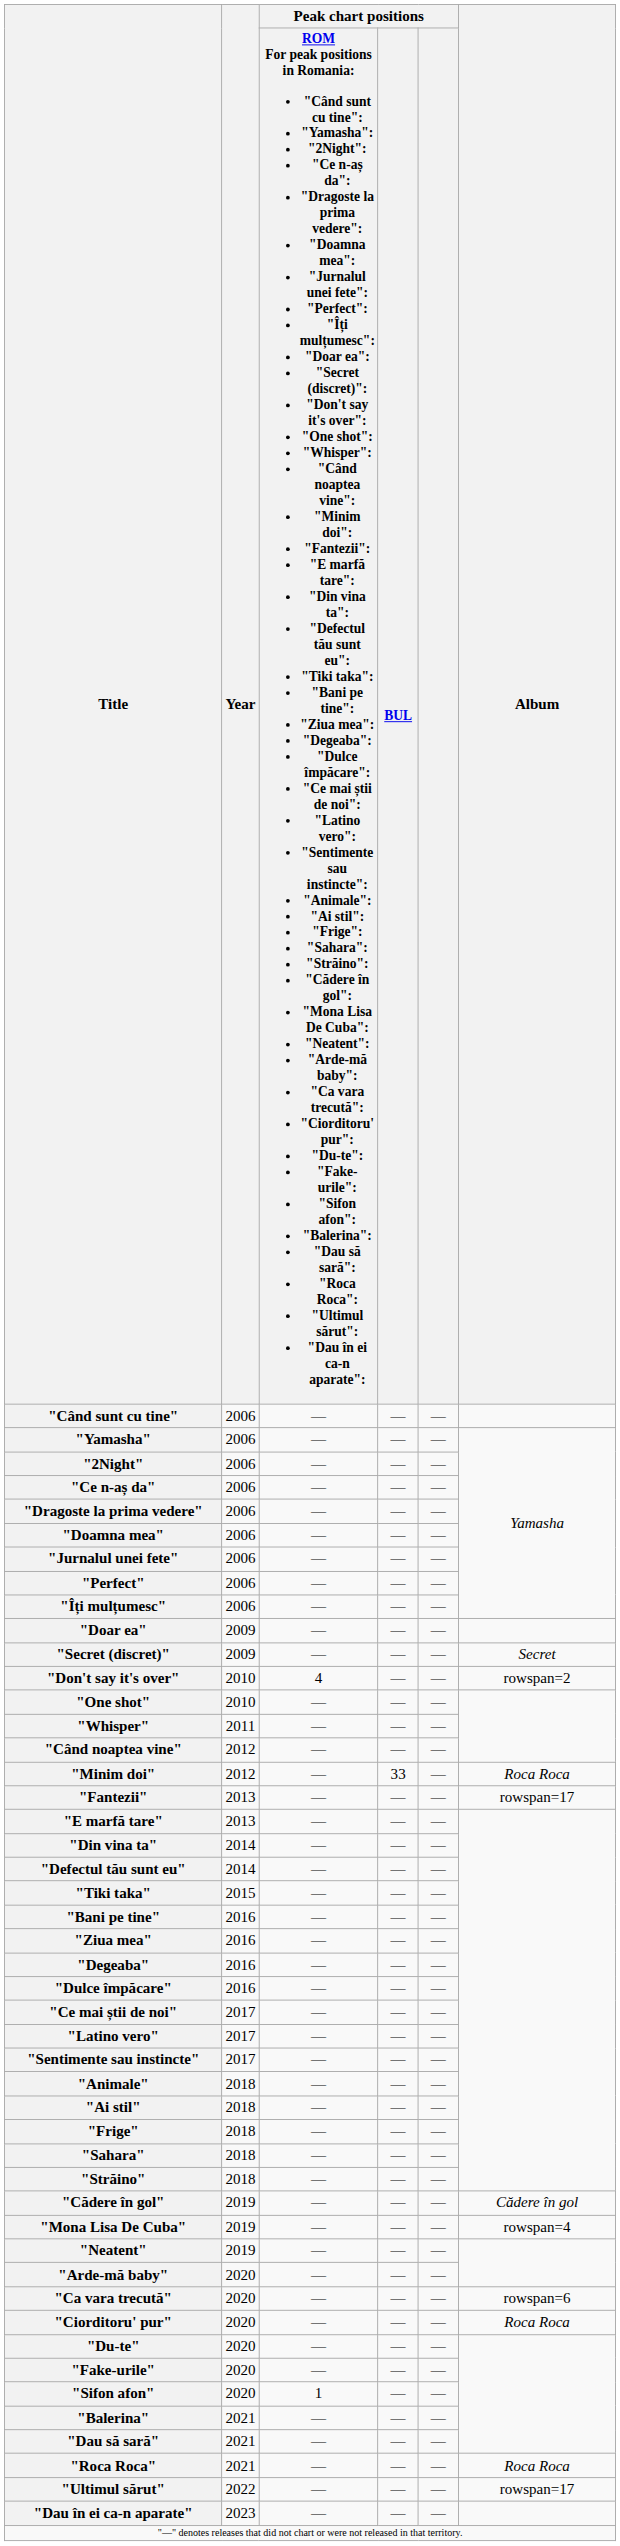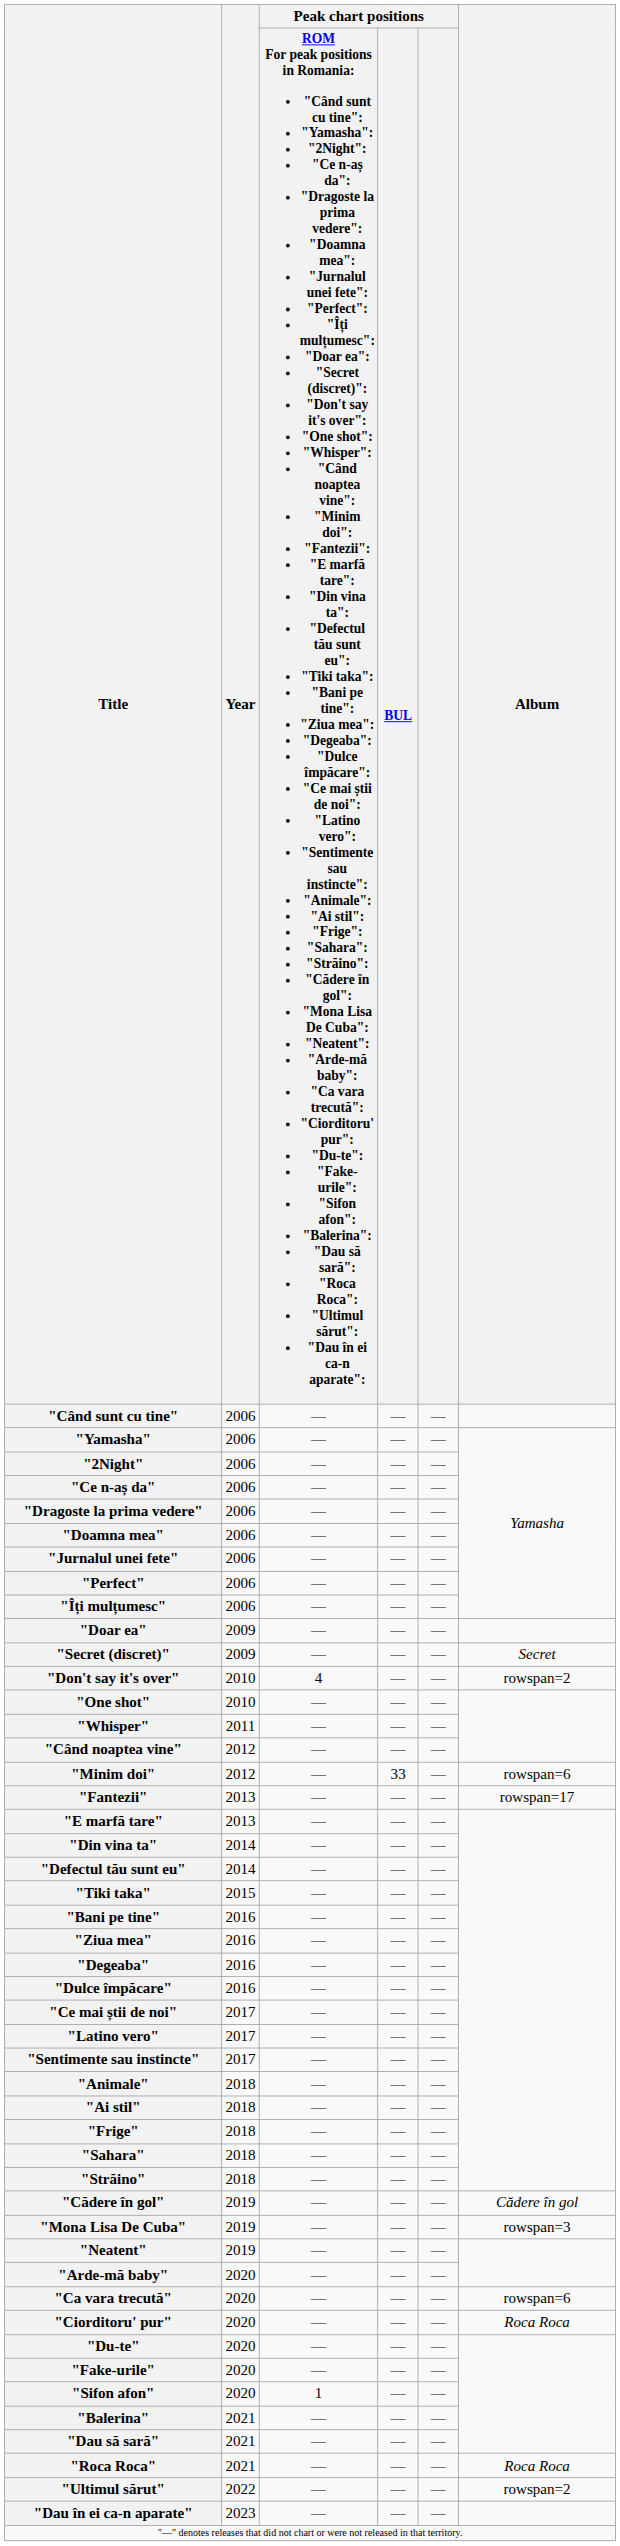 <table class="wikitable plainrowheaders" style="text-align:center;">
 <tr>
 <th scope="col" rowspan="2" style="width:14em;">Title</th>
 <th scope="col" rowspan="2">Year</th>
 <th scope="col" colspan="3">Peak chart positions</th>
 <th scope="col" rowspan="2" style="width:10em;">Album</th>
 </tr>
 <tr>
 <th scope="col" style="width:2.5em;font-size:90%;"><a href='#'>ROM</a><br>For peak positions in Romania:<br><ul><li>"Când sunt cu tine": </li><li>"Yamasha":</li><li>"2Night":</li><li>"Ce n-aș da":</li><li>"Dragoste la prima vedere":</li><li>"Doamna mea":</li><li>"Jurnalul unei fete":</li><li>"Perfect":</li><li>"Îți mulțumesc":</li><li>"Doar ea":</li><li>"Secret (discret)": </li><li>"Don't say it's over":</li><li>"One shot":</li><li>"Whisper":</li><li>"Când noaptea vine":</li><li>"Minim doi":</li><li>"Fantezii":</li><li>"E marfă tare":</li><li>"Din vina ta":</li><li>"Defectul tău sunt eu":</li><li>"Tiki taka":</li><li>"Bani pe tine":</li><li>"Ziua mea":</li><li>"Degeaba":</li><li>"Dulce împăcare":</li><li>"Ce mai știi de noi":</li><li>"Latino vero":</li><li>"Sentimente sau instincte":</li><li>"Animale":</li><li>"Ai stil":</li><li>"Frige":</li><li>"Sahara":</li><li>"Străino":</li><li>"Cădere în gol":</li><li>"Mona Lisa De Cuba":</li><li>"Neatent":</li><li>"Arde-mă baby":</li><li>"Ca vara trecută":</li><li>"Ciorditoru' pur":</li><li>"Du-te":</li><li>"Fake-urile":</li><li>"Sifon afon": </li><li>"Balerina":</li><li>"Dau să sară":</li><li>"Roca Roca":</li><li>"Ultimul sărut":</li><li>"Dau în ei ca-n aparate":</li></ul></th>
 <th scope="col" style="width:2.5em;font-size:90%;"><a href='#'>BUL</a><br></th>
 <th scope="col" style="width:2.5em;font-size:90%;"><a href='#'></a></th>
 </tr>
 <tr>
 <th scope="row">"Când sunt cu tine"<br></th>
 <td>2006</td>
 <td>—</td>
 <td>—</td>
 <td>—</td>
 <td></td>
 </tr>
 <tr>
 <th scope="row">"Yamasha"</th>
 <td>2006</td>
 <td>—</td>
 <td>—</td>
 <td>—</td>
 <td rowspan=8><em>Yamasha</em></td>
 </tr>
 <tr>
 <th scope="row">"2Night"</th>
 <td>2006</td>
 <td>—</td>
 <td>—</td>
 <td>—</td>
 </tr>
 <tr>
 <th scope="row">"Ce n-aș da"</th>
 <td>2006</td>
 <td>—</td>
 <td>—</td>
 <td>—</td>
 </tr>
 <tr>
 <th scope="row">"Dragoste la prima vedere"<br></th>
 <td>2006</td>
 <td>—</td>
 <td>—</td>
 <td>—</td>
 </tr>
 <tr>
 <th scope="row">"Doamna mea"</th>
 <td>2006</td>
 <td>—</td>
 <td>—</td>
 <td>—</td>
 </tr>
 <tr>
 <th scope="row">"Jurnalul unei fete"</th>
 <td>2006</td>
 <td>—</td>
 <td>—</td>
 <td>—</td>
 </tr>
 <tr>
 <th scope="row">"Perfect"</th>
 <td>2006</td>
 <td>—</td>
 <td>—</td>
 <td>—</td>
 </tr>
 <tr>
 <th scope="row">"Îți mulțumesc"</th>
 <td>2006</td>
 <td>—</td>
 <td>—</td>
 <td>—</td>
 </tr>
 <tr>
 <th scope="row">"Doar ea"</th>
 <td>2009</td>
 <td>—</td>
 <td>—</td>
 <td>—</td>
 <td></td>
 </tr>
 <tr>
 <th scope="row">"Secret (discret)"<br></th>
 <td>2009</td>
 <td>—</td>
 <td>—</td>
 <td>—</td>
 <td><em>Secret</em></td>
 </tr>
 <tr>
 <th scope="row">"Don't say it's over"</th>
 <td>2010</td>
 <td>4</td>
 <td>—</td>
 <td>—</td>
 <td>rowspan=2 </td>
 </tr>
 <tr>
 <th scope="row">"One shot"</th>
 <td>2010</td>
 <td>—</td>
 <td>—</td>
 <td>—</td>
 </tr>
 <tr>
 <th scope="row">"Whisper"</th>
 <td>2011</td>
 <td>—</td>
 <td>—</td>
 <td>—</td>
 </tr>
 <tr>
 <th scope="row">"Când noaptea vine"</th>
 <td>2012</td>
 <td>—</td>
 <td>—</td>
 <td>—</td>
 </tr>
 <tr>
 <th scope="row">"Minim doi"</th>
 <td>2012</td>
 <td>—</td>
 <td>33</td>
 <td>—</td>
-<td><em>Roca Roca</em></td>
+<td>rowspan=6 </td>
 </tr>
 <tr>
 <th scope="row">"Fantezii"<br></th>
 <td>2013</td>
 <td>—</td>
 <td>—</td>
 <td>—</td>
 <td>rowspan=17 </td>
 </tr>
 <tr>
 <th scope="row">"E marfă tare"</th>
 <td>2013</td>
 <td>—</td>
 <td>—</td>
 <td>—</td>
 </tr>
 <tr>
 <th scope="row">"Din vina ta"</th>
 <td>2014</td>
 <td>—</td>
 <td>—</td>
 <td>—</td>
 </tr>
 <tr>
 <th scope="row">"Defectul tău sunt eu"</th>
 <td>2014</td>
 <td>—</td>
 <td>—</td>
 <td>—</td>
 </tr>
 <tr>
 <th scope="row">"Tiki taka"</th>
 <td>2015</td>
 <td>—</td>
 <td>—</td>
 <td>—</td>
 </tr>
 <tr>
 <th scope="row">"Bani pe tine"<br></th>
 <td>2016</td>
 <td>—</td>
 <td>—</td>
 <td>—</td>
 </tr>
 <tr>
 <th scope="row">"Ziua mea"</th>
 <td>2016</td>
 <td>—</td>
 <td>—</td>
 <td>—</td>
 </tr>
 <tr>
 <th scope="row">"Degeaba"</th>
 <td>2016</td>
 <td>—</td>
 <td>—</td>
 <td>—</td>
 </tr>
 <tr>
 <th scope="row">"Dulce împăcare"</th>
 <td>2016</td>
 <td>—</td>
 <td>—</td>
 <td>—</td>
 </tr>
 <tr>
 <th scope="row">"Ce mai știi de noi"</th>
 <td>2017</td>
 <td>—</td>
 <td>—</td>
 <td>—</td>
 </tr>
 <tr>
 <th scope="row">"Latino vero"</th>
 <td>2017</td>
 <td>—</td>
 <td>—</td>
 <td>—</td>
 </tr>
 <tr>
 <th scope="row">"Sentimente sau instincte"</th>
 <td>2017</td>
 <td>—</td>
 <td>—</td>
 <td>—</td>
 </tr>
 <tr>
 <th scope="row">"Animale"</th>
 <td>2018</td>
 <td>—</td>
 <td>—</td>
 <td>—</td>
 </tr>
 <tr>
 <th scope="row">"Ai stil"</th>
 <td>2018</td>
 <td>—</td>
 <td>—</td>
 <td>—</td>
 </tr>
 <tr>
 <th scope="row">"Frige"<br></th>
 <td>2018</td>
 <td>—</td>
 <td>—</td>
 <td>—</td>
 </tr>
 <tr>
 <th scope="row">"Sahara"<br></th>
 <td>2018</td>
 <td>—</td>
 <td>—</td>
 <td>—</td>
 </tr>
 <tr>
 <th scope="row">"Străino"</th>
 <td>2018</td>
 <td>—</td>
 <td>—</td>
 <td>—</td>
 </tr>
 <tr>
 <th scope="row">"Cădere în gol"<br></th>
 <td>2019</td>
 <td>—</td>
 <td>—</td>
 <td>—</td>
 <td><em>Cădere în gol</em></td>
 </tr>
 <tr>
 <th scope="row">"Mona Lisa De Cuba"</th>
 <td>2019</td>
 <td>—</td>
 <td>—</td>
 <td>—</td>
-<td>rowspan=4 </td>
+<td>rowspan=3 </td>
 </tr>
 <tr>
 <th scope="row">"Neatent"</th>
 <td>2019</td>
 <td>—</td>
 <td>—</td>
 <td>—</td>
 </tr>
 <tr>
 <th scope="row">"Arde-mă baby"<br></th>
 <td>2020</td>
 <td>—</td>
 <td>—</td>
 <td>—</td>
 </tr>
 <tr>
 <th scope="row">"Ca vara trecută"<br></th>
 <td>2020</td>
 <td>—</td>
 <td>—</td>
 <td>—</td>
 <td>rowspan=6 </td>
 </tr>
 <tr>
 <th scope="row">"Ciorditoru' pur"</th>
 <td>2020</td>
 <td>—</td>
 <td>—</td>
 <td>—</td>
 <td><em>Roca Roca</em></td>
 </tr>
 <tr>
 <th scope="row">"Du-te"<br></th>
 <td>2020</td>
 <td>—</td>
 <td>—</td>
 <td>—</td>
 </tr>
 <tr>
 <th scope="row">"Fake-urile"</th>
 <td>2020</td>
 <td>—</td>
 <td>—</td>
 <td>—</td>
 </tr>
 <tr>
 <th scope="row">"Sifon afon"</th>
 <td>2020</td>
 <td>1</td>
 <td>—</td>
 <td>—</td>
 </tr>
 <tr>
 <th scope="row">"Balerina"</th>
 <td>2021</td>
 <td>—</td>
 <td>—</td>
 <td>—</td>
 </tr>
 <tr>
 <th scope="row">"Dau să sară"</th>
 <td>2021</td>
 <td>—</td>
 <td>—</td>
 <td>—</td>
 </tr>
 <tr>
 <th scope="row">"Roca Roca"</th>
 <td>2021</td>
 <td>—</td>
 <td>—</td>
 <td>—</td>
 <td><em>Roca Roca</em></td>
 </tr>
 <tr>
 <th scope="row">"Ultimul sărut"</th>
 <td>2022</td>
 <td>—</td>
 <td>—</td>
 <td>—</td>
-<td>rowspan=17 </td>
+<td>rowspan=2 </td>
 </tr>
 <tr>
 <th scope="row">"Dau în ei ca-n aparate"<br></th>
 <td>2023</td>
 <td>—</td>
 <td>—</td>
 <td>—</td>
 </tr>
 <tr>
 <td align="center" colspan="6" style="font-size:8pt">"—" denotes releases that did not chart or were not released in that territory.</td>
 </tr>
 </table>
